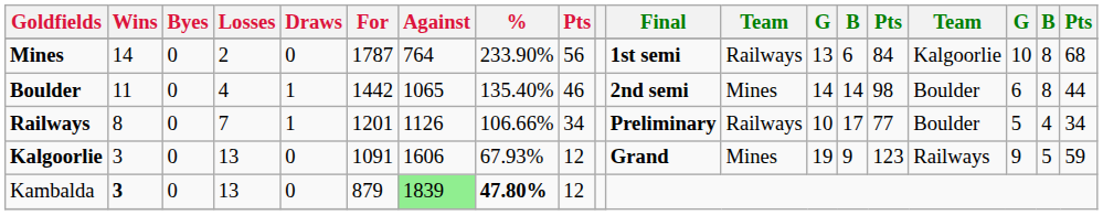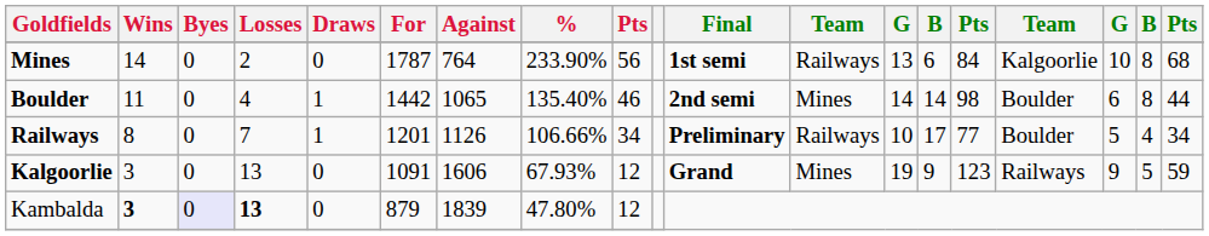 <table style="font-size: 85%; text-align: left;" class="wikitable">
 <tr>
 <th style="color:crimson">Goldfields</th>
 <th style="color:crimson">Wins</th>
 <th style="color:crimson">Byes</th>
 <th style="color:crimson">Losses</th>
 <th style="color:crimson">Draws</th>
 <th style="color:crimson">For</th>
 <th style="color:crimson">Against</th>
 <th style="color:crimson">%</th>
 <th style="color:crimson">Pts</th>
 <th></th>
 <th style="color:green">Final</th>
 <th style="color:green">Team</th>
 <th style="color:green">G</th>
 <th style="color:green">B</th>
 <th style="color:green">Pts</th>
 <th style="color:green">Team</th>
 <th style="color:green">G</th>
 <th style="color:green">B</th>
 <th style="color:green">Pts</th>
 </tr>
 <tr>
 </tr>
 <tr>
 </tr>
 <tr>
 <td><strong>	Mines	</strong></td>
 <td>14</td>
 <td>0</td>
 <td>2</td>
 <td>0</td>
 <td>1787</td>
 <td>764</td>
 <td>233.90%</td>
 <td>56</td>
 <td></td>
 <td><strong>1st semi</strong></td>
 <td>Railways</td>
 <td>13</td>
 <td>6</td>
 <td>84</td>
 <td>Kalgoorlie</td>
 <td>10</td>
 <td>8</td>
 <td>68</td>
 </tr>
 <tr>
 <td><strong>	Boulder	</strong></td>
 <td>11</td>
 <td>0</td>
 <td>4</td>
 <td>1</td>
 <td>1442</td>
 <td>1065</td>
 <td>135.40%</td>
 <td>46</td>
 <td></td>
 <td><strong>2nd semi</strong></td>
 <td>Mines</td>
 <td>14</td>
 <td>14</td>
 <td>98</td>
 <td>Boulder</td>
 <td>6</td>
 <td>8</td>
 <td>44</td>
 </tr>
 <tr ||>
 <td><strong>	Railways	</strong></td>
 <td>8</td>
 <td>0</td>
 <td>7</td>
 <td>1</td>
 <td>1201</td>
 <td>1126</td>
 <td>106.66%</td>
 <td>34</td>
 <td></td>
 <td><strong>Preliminary</strong></td>
 <td>Railways</td>
 <td>10</td>
 <td>17</td>
 <td>77</td>
 <td>Boulder</td>
 <td>5</td>
 <td>4</td>
 <td>34</td>
 </tr>
 <tr>
 <td><strong>	Kalgoorlie	</strong></td>
 <td>3</td>
 <td>0</td>
 <td>13</td>
 <td>0</td>
 <td>1091</td>
 <td>1606</td>
 <td>67.93%</td>
 <td>12</td>
 <td></td>
 <td><strong>Grand</strong></td>
 <td>Mines</td>
 <td>19</td>
 <td>9</td>
 <td>123</td>
 <td>Railways</td>
 <td>9</td>
 <td>5</td>
 <td>59</td>
 </tr>
 <tr>
 <td>Kambalda</td>
 <td><strong>3</strong></td>
-<td>0</td>
-<td>13</td>
+<td style="background: lavender;">0</td>
+<td><strong>13</strong></td>
 <td>0</td>
 <td>879</td>
-<td style="background: lightgreen;">1839</td>
-<td><strong>47.80%</strong></td>
+<td>1839</td>
+<td>47.80%</td>
 <td>12</td>
 <td></td>
 </tr>
 <tr>
 </tr>
 </table>
